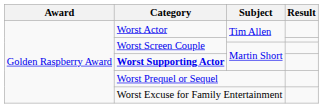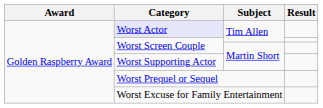 <table class="wikitable">
 <tr>
 <th>Award</th>
 <th>Category</th>
 <th>Subject</th>
 <th>Result</th>
 </tr>
 <tr>
 <td rowspan=6><a href='#'>Golden Raspberry Award</a></td>
-<td><a href='#'>Worst Actor</a></td>
+<td style="background: lavender;"><a href='#'>Worst Actor</a></td>
 <td rowspan=2><a href='#'>Tim Allen</a></td>
 <td></td>
 </tr>
 <tr>
 <td rowspan=2><a href='#'>Worst Screen Couple</a></td>
 <td></td>
 </tr>
 <tr>
 <td rowspan=2><a href='#'>Martin Short</a></td>
 <td></td>
 </tr>
 <tr>
-<td><strong><a href='#'>Worst Supporting Actor</a></strong></td>
+<td><a href='#'>Worst Supporting Actor</a></td>
 <td></td>
 </tr>
 <tr>
 <td colspan=2><a href='#'>Worst Prequel or Sequel</a></td>
 <td></td>
 </tr>
 <tr>
 <td colspan=2>Worst Excuse for Family Entertainment</td>
 <td></td>
 </tr>
 </table>
